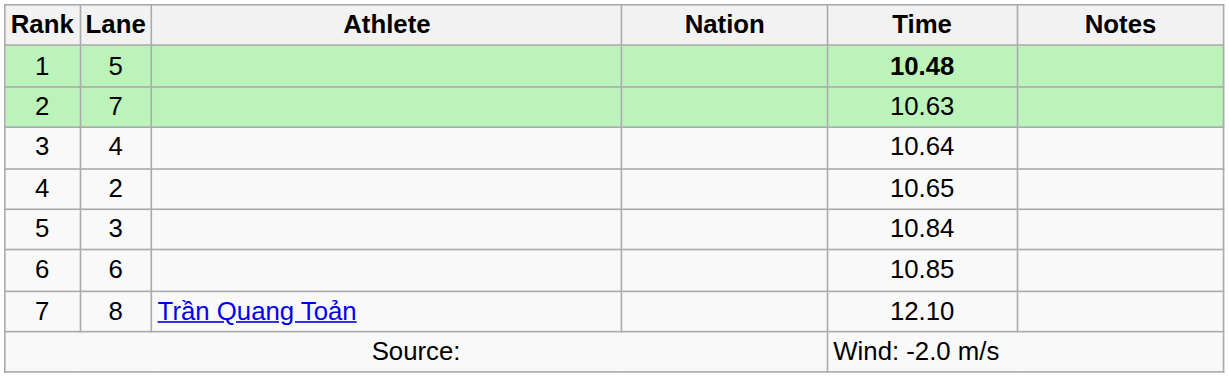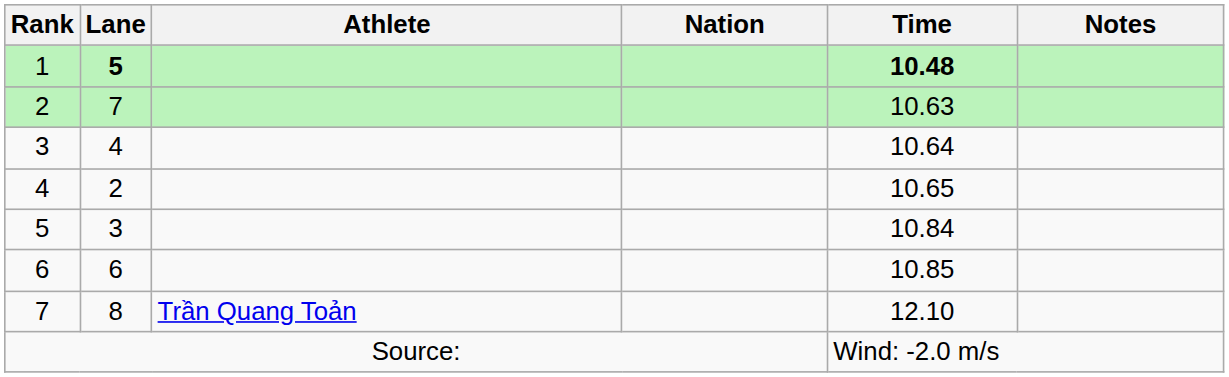 <table class="wikitable sortable" style="text-align:center;width: 60%;">
 <tr>
 <th scope="col" style="width: 10px;">Rank</th>
 <th scope="col" style="width: 10px;">Lane</th>
 <th scope="col">Athlete</th>
 <th scope="col">Nation</th>
 <th scope="col">Time</th>
 <th scope="col">Notes</th>
 </tr>
 <tr bgcolor=bbf3bb>
 <td>1</td>
-<td>5</td>
+<td><strong>5</strong></td>
 <td align=left></td>
 <td align=left></td>
 <td><strong>10.48</strong></td>
 <td></td>
 </tr>
 <tr bgcolor=bbf3bb>
 <td>2</td>
 <td>7</td>
 <td align=left></td>
 <td align=left></td>
 <td>10.63</td>
 <td></td>
 </tr>
 <tr>
 <td>3</td>
 <td>4</td>
 <td align=left></td>
 <td align=left></td>
 <td>10.64</td>
 <td></td>
 </tr>
 <tr>
 <td>4</td>
 <td>2</td>
 <td align=left></td>
 <td align=left></td>
 <td>10.65</td>
 <td></td>
 </tr>
 <tr>
 <td>5</td>
 <td>3</td>
 <td align=left></td>
 <td align=left></td>
 <td>10.84</td>
 <td></td>
 </tr>
 <tr>
 <td>6</td>
 <td>6</td>
 <td align=left></td>
 <td align=left></td>
 <td>10.85</td>
 <td></td>
 </tr>
 <tr>
 <td>7</td>
 <td>8</td>
 <td align=left><a href='#'>Trần Quang Toản</a></td>
 <td align=left></td>
 <td>12.10</td>
 <td></td>
 </tr>
 <tr class="sortbottom">
 <td colspan="4">Source:</td>
 <td colspan="2" style="text-align:left;">Wind: -2.0 m/s</td>
 </tr>
 </table>
